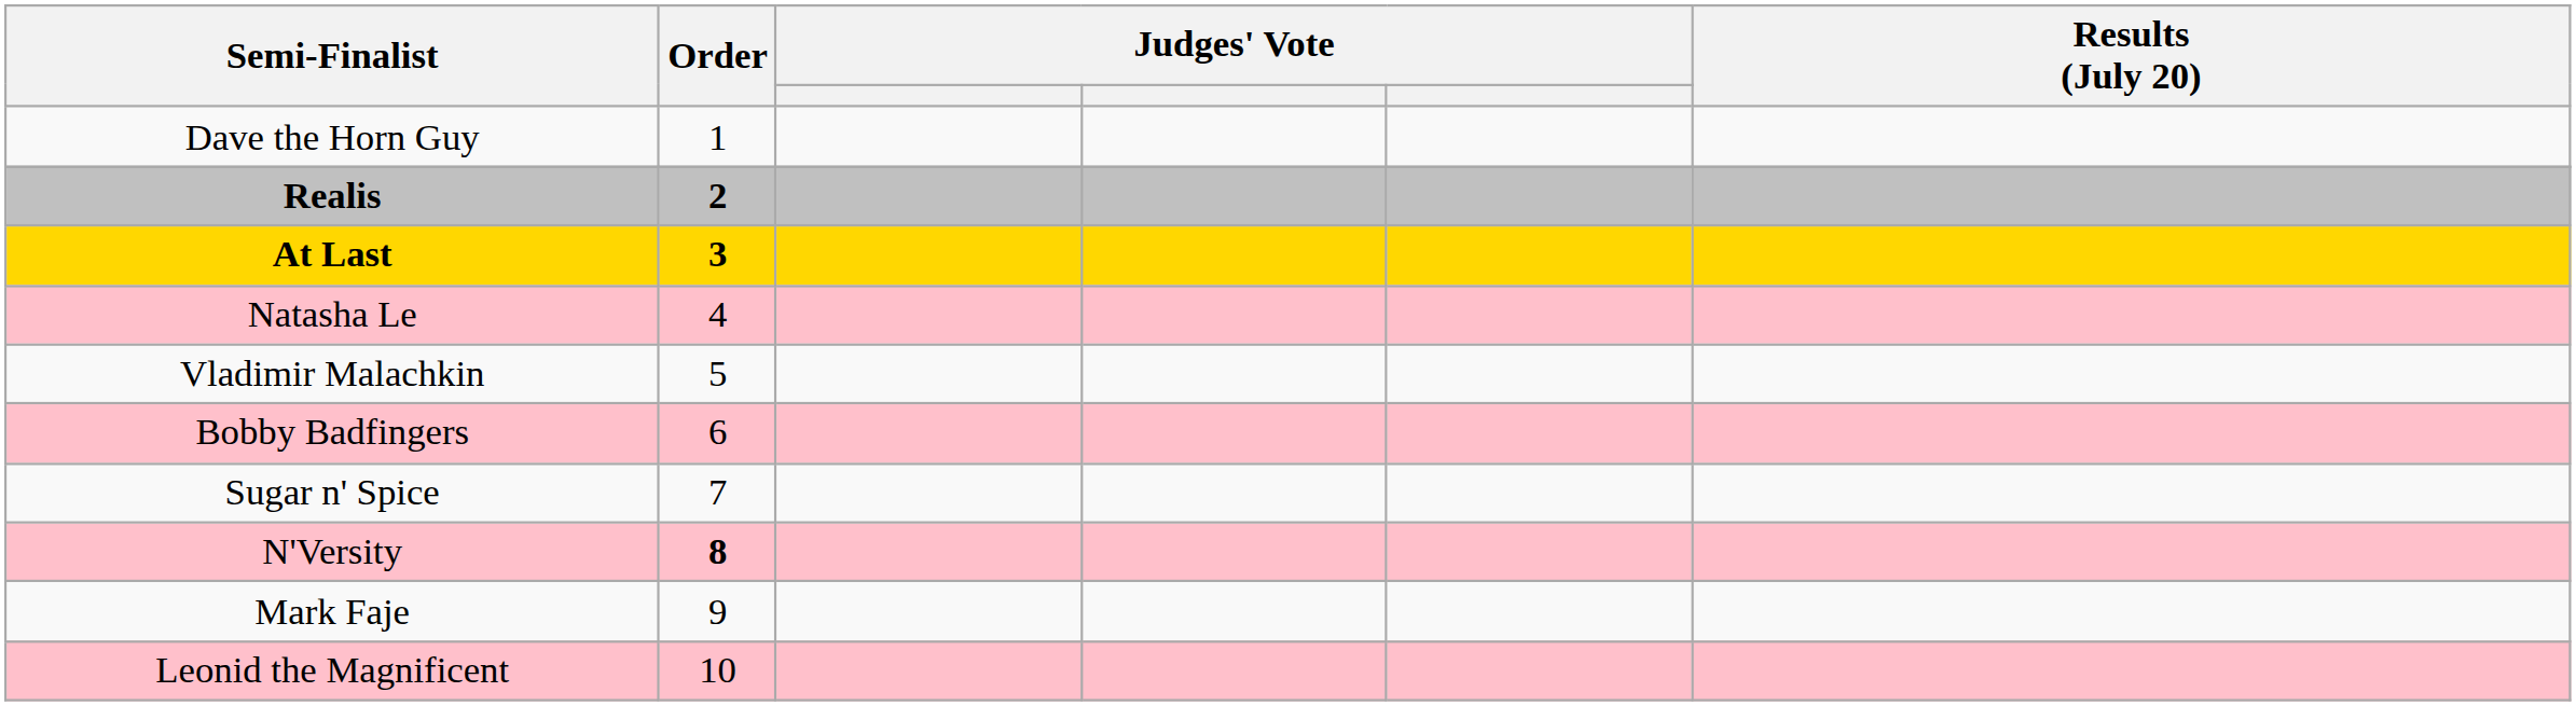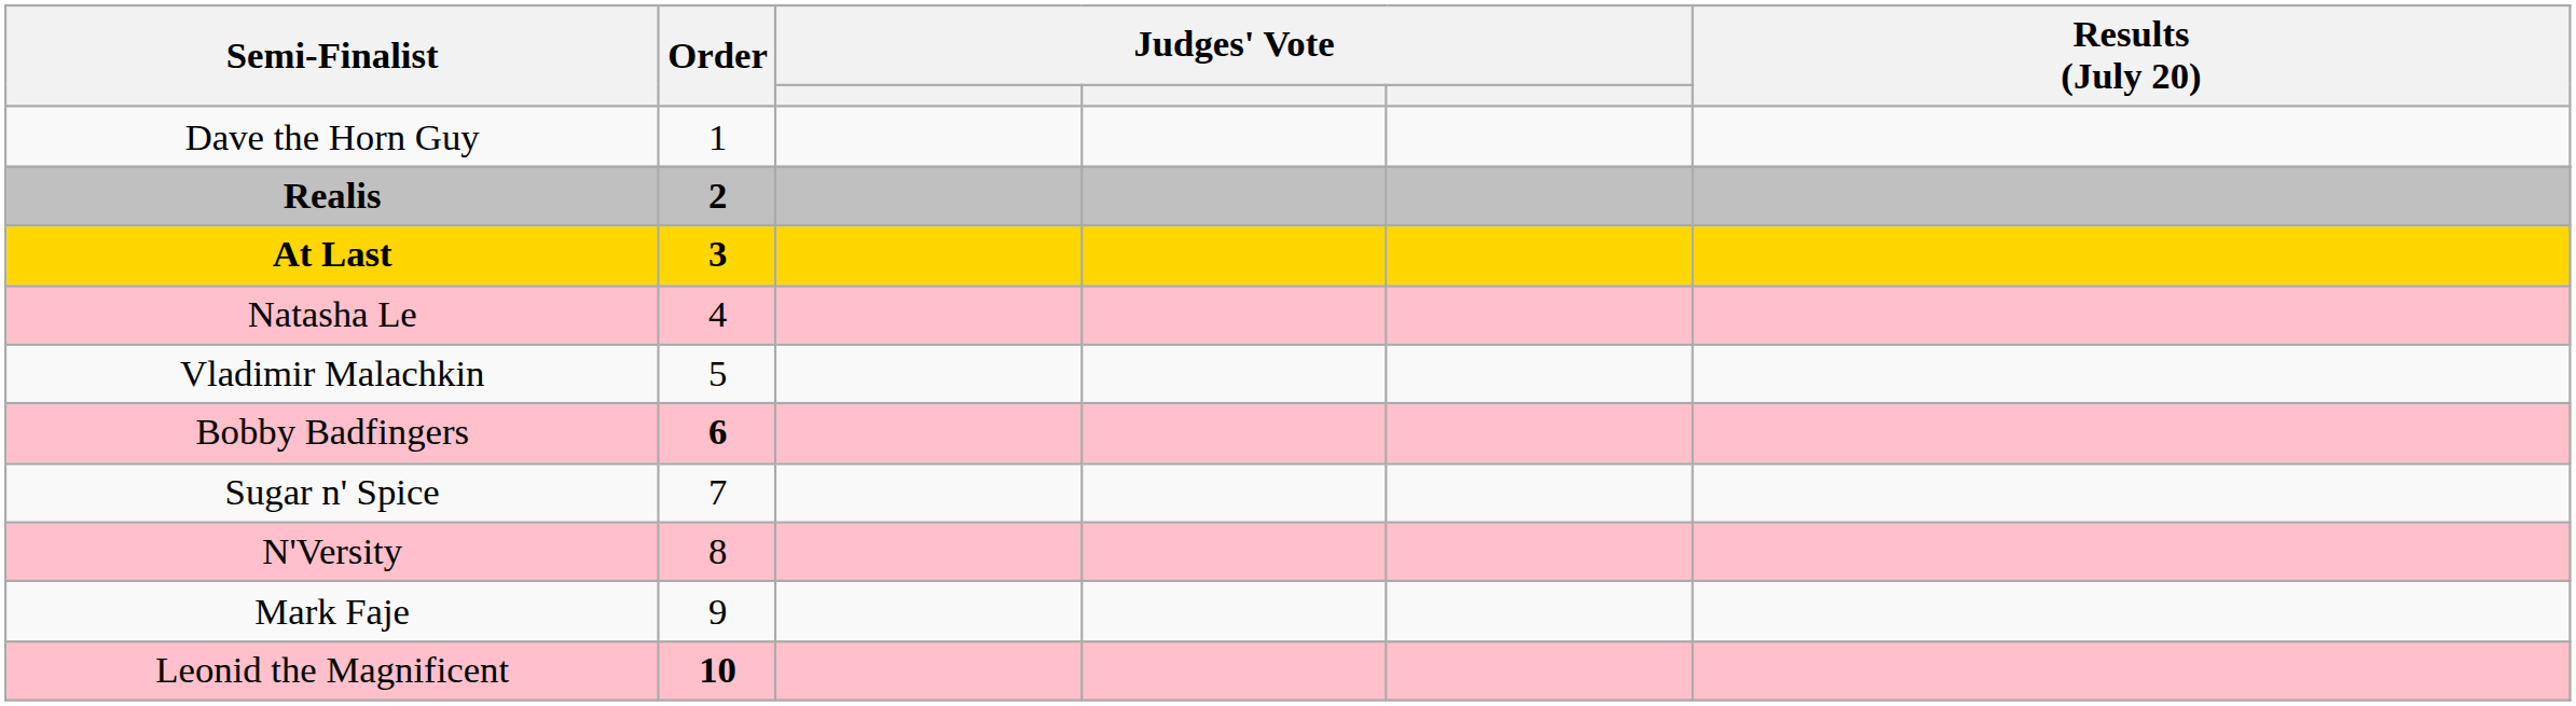 <table class="wikitable plainrowheaders sortable" style="text-align:center;">
 <tr>
 <th scope="col" rowspan="2" class="unsortable" style="width:17em;">Semi-Finalist</th>
 <th scope="col" rowspan="2" style="width:1em;">Order</th>
 <th scope="col" colspan="3" class="unsortable" style="width:24em;">Judges' Vote</th>
 <th scope="col" rowspan="2" style="width:23em;">Results <br> (July 20)</th>
 </tr>
 <tr>
 <th scope="col" class="unsortable" style="width:6em;"></th>
 <th scope="col" class="unsortable" style="width:6em;"></th>
 <th scope="col" class="unsortable" style="width:6em;"></th>
 </tr>
 <tr>
 <td>Dave the Horn Guy</td>
 <td>1</td>
 <td style="text-align:center;"></td>
 <td style="text-align:center;"></td>
 <td style="text-align:center;"></td>
 <td></td>
 </tr>
 <tr>
 </tr>
 <tr style="background:silver;">
 <td><strong>Realis</strong></td>
 <td><strong>2</strong></td>
 <td style="text-align:center;"></td>
 <td style="text-align:center;"></td>
 <td style="text-align:center;"></td>
 <td><strong></strong></td>
 </tr>
 <tr style="background:gold;">
 <td><strong>At Last</strong></td>
 <td><strong>3</strong></td>
 <td style="text-align:center;"></td>
 <td style="text-align:center;"></td>
 <td style="text-align:center;"></td>
 <td><strong></strong></td>
 </tr>
 <tr style="background:pink;">
 <td>Natasha Le</td>
 <td>4</td>
 <td style="text-align:center;"></td>
 <td style="text-align:center;"></td>
 <td style="text-align:center;"></td>
 <td></td>
 </tr>
 <tr>
 <td>Vladimir Malachkin</td>
 <td>5</td>
 <td style="text-align:center;"></td>
 <td style="text-align:center;"></td>
 <td style="text-align:center;"></td>
 <td></td>
 </tr>
 <tr style="background:pink;">
 <td>Bobby Badfingers</td>
-<td>6</td>
+<td><strong>6</strong></td>
 <td style="text-align:center;"></td>
 <td style="text-align:center;"></td>
 <td style="text-align:center;"></td>
 <td></td>
 </tr>
 <tr>
 <td>Sugar n' Spice</td>
 <td>7</td>
 <td style="text-align:center;"></td>
 <td style="text-align:center;"></td>
 <td style="text-align:center;"></td>
 <td></td>
 </tr>
 <tr style="background:pink;">
 <td>N'Versity</td>
-<td><strong>8</strong></td>
+<td>8</td>
 <td style="text-align:center;"></td>
 <td style="text-align:center;"> </td>
 <td style="text-align:center;"></td>
 <td></td>
 </tr>
 <tr>
 <td>Mark Faje</td>
 <td>9</td>
 <td style="text-align:center;"></td>
 <td style="text-align:center;"></td>
 <td style="text-align:center;"></td>
 <td></td>
 </tr>
 <tr style="background:pink;">
 <td>Leonid the Magnificent</td>
-<td>10</td>
+<td><strong>10</strong></td>
 <td style="text-align:center;"></td>
 <td style="text-align:center;"></td>
 <td style="text-align:center;"></td>
 <td></td>
 </tr>
 </table>
